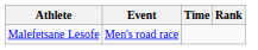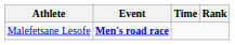 <table class=wikitable style="font-size:90%;">
 <tr>
 <th>Athlete</th>
 <th>Event</th>
 <th>Time</th>
 <th>Rank</th>
 </tr>
 <tr align=center>
 <td align=left><a href='#'>Malefetsane Lesofe</a></td>
-<td align=left><a href='#'>Men's road race</a></td>
+<td align=left><strong><a href='#'>Men's road race</a></strong></td>
 <td colspan=2></td>
 </tr>
 </table>
